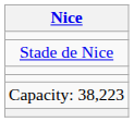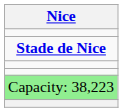 <table class=wikitable style="text-align:center;">
 <tr>
 <th><a href='#'>Nice</a></th>
 </tr>
 <tr>
 <td></td>
 </tr>
 <tr>
-<td><a href='#'>Stade de Nice</a></td>
+<td><strong><a href='#'>Stade de Nice</a></strong></td>
 </tr>
 <tr>
 <td></td>
 </tr>
 <tr>
 <td></td>
 </tr>
 <tr>
-<td>Capacity: 38,223</td>
+<td style="background: lightgreen;">Capacity: 38,223</td>
 </tr>
 <tr>
 <th rowspan=15 colspan=4></th>
 </tr>
 </table>
